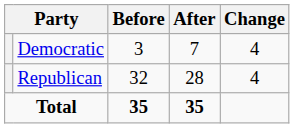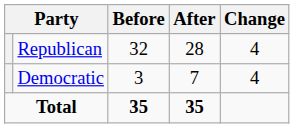 <table class="wikitable" style="text-align:center;">
 <tr>
 <th colspan="2">Party</th>
 <th>Before</th>
 <th>After</th>
 <th>Change</th>
 </tr>
 <tr>
 <th style="background-color:"></th>
-<td style="text-align:left;"><a href='#'>Democratic</a></td>
-<td>3</td>
-<td>7</td>
+<td style="text-align:left;"><a href='#'>Republican</a></td>
+<td>32</td>
+<td>28</td>
 <td> 4</td>
 </tr>
 <tr>
 <th style="background-color:"></th>
-<td style="text-align:left;"><a href='#'>Republican</a></td>
-<td>32</td>
-<td>28</td>
+<td style="text-align:left;"><a href='#'>Democratic</a></td>
+<td>3</td>
+<td>7</td>
 <td> 4</td>
 </tr>
 <tr>
 <td colspan="2"><strong>Total</strong></td>
 <td><strong>35</strong></td>
 <td><strong>35</strong></td>
 <td></td>
 </tr>
 </table>
